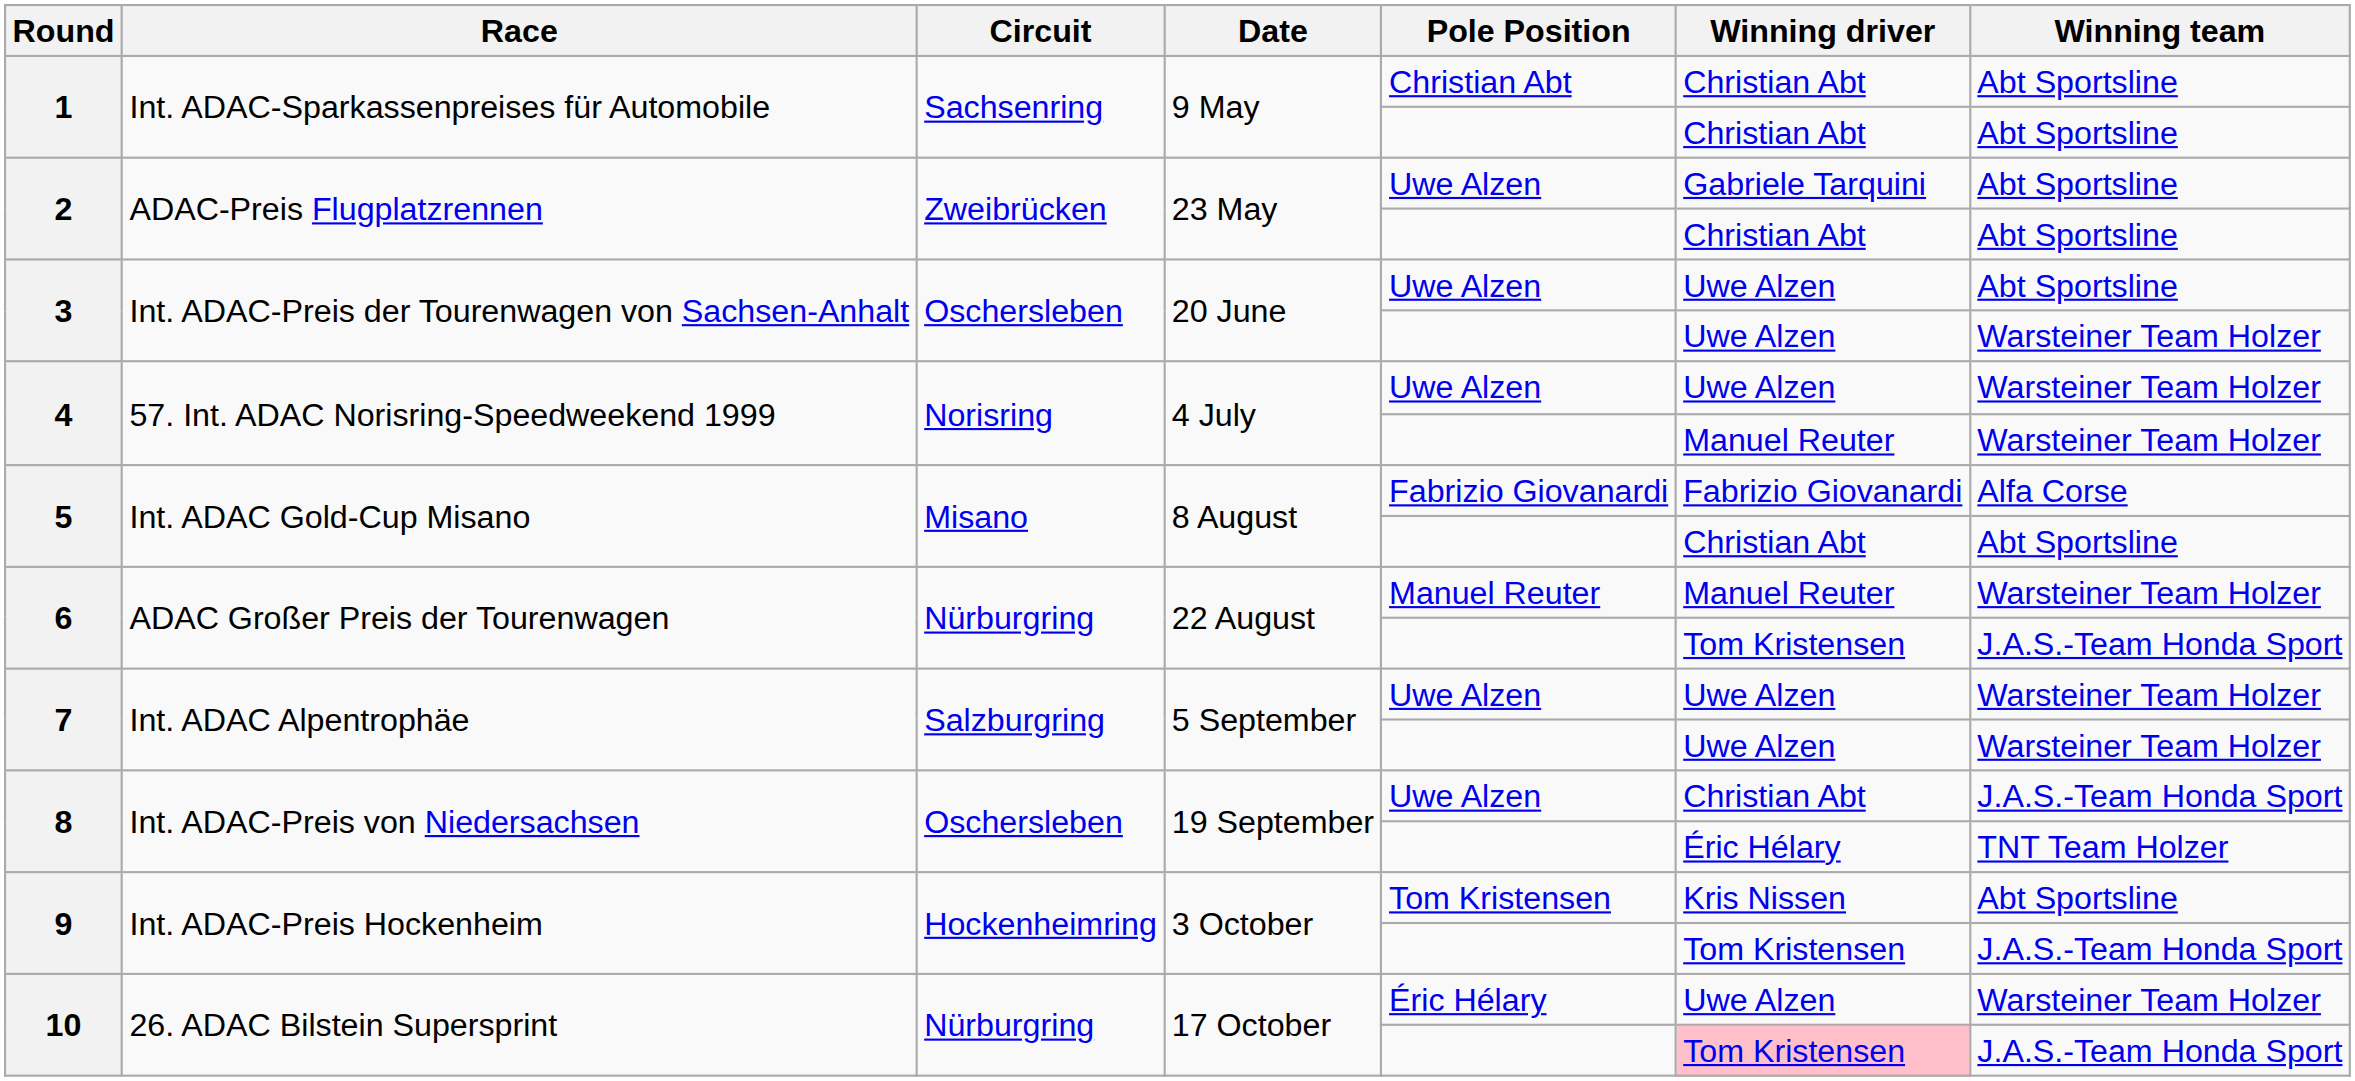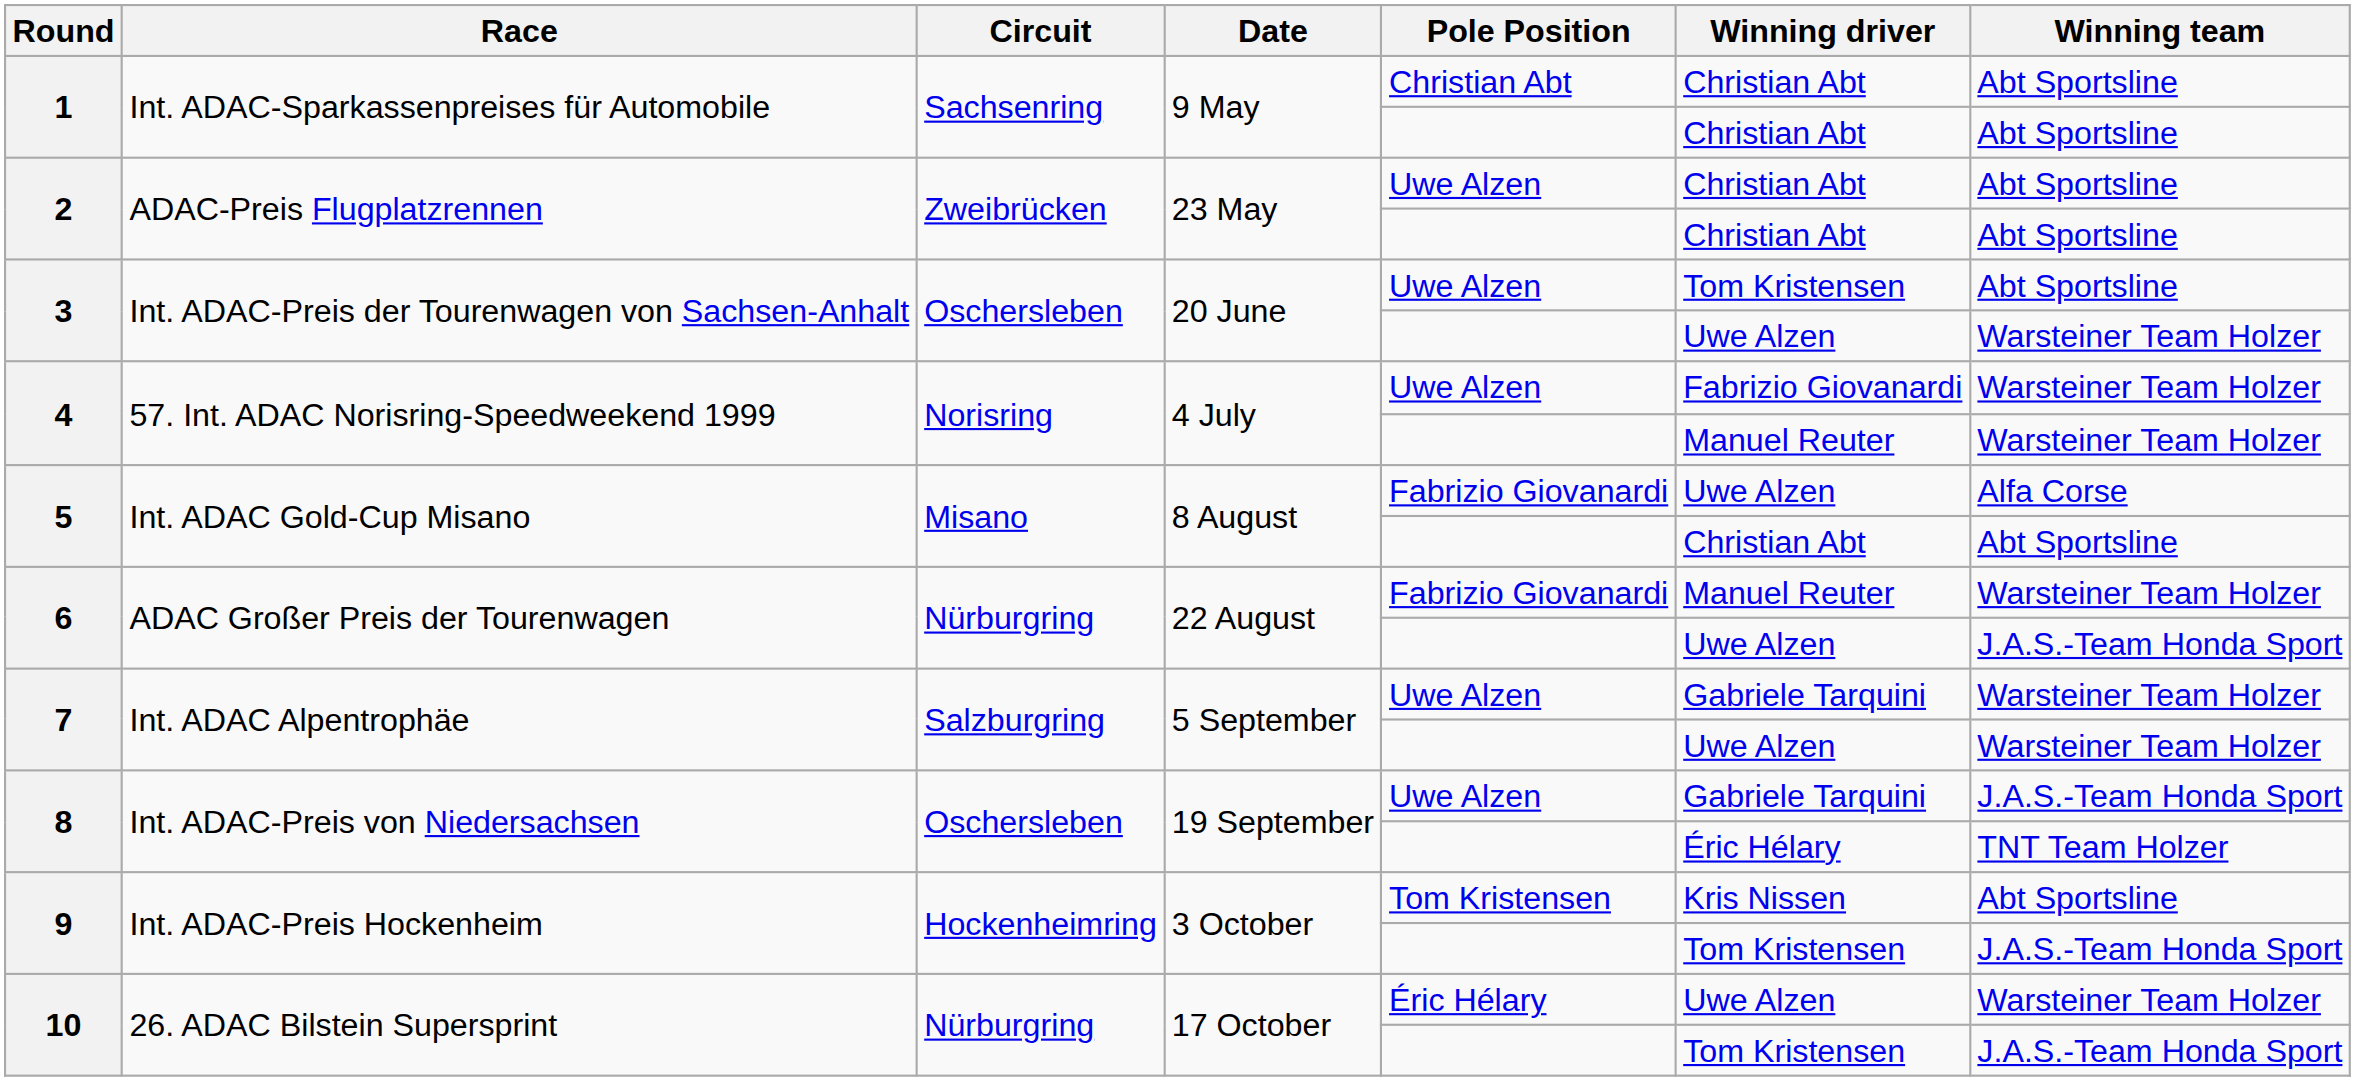 <table class="wikitable" style="font-size: 95%">
 <tr>
 <th>Round</th>
 <th>Race</th>
 <th>Circuit</th>
 <th>Date</th>
 <th>Pole Position</th>
 <th>Winning driver</th>
 <th>Winning team</th>
 </tr>
 <tr>
 <th rowspan="2">1</th>
 <td rowspan="2"> Int. ADAC-Sparkassenpreises für Automobile</td>
 <td rowspan="2"><a href='#'>Sachsenring</a></td>
 <td rowspan="2">9 May</td>
 <td> <a href='#'>Christian Abt</a></td>
 <td> <a href='#'>Christian Abt</a></td>
 <td> <a href='#'>Abt Sportsline</a></td>
 </tr>
 <tr>
 <td></td>
 <td> <a href='#'>Christian Abt</a></td>
 <td> <a href='#'>Abt Sportsline</a></td>
 </tr>
 <tr>
 <th rowspan="2">2</th>
 <td rowspan="2"> ADAC-Preis <a href='#'>Flugplatzrennen</a></td>
 <td rowspan="2"><a href='#'>Zweibrücken</a></td>
 <td rowspan="2">23 May</td>
 <td> <a href='#'>Uwe Alzen</a></td>
-<td> <a href='#'>Gabriele Tarquini</a></td>
+<td> <a href='#'>Christian Abt</a></td>
 <td> <a href='#'>Abt Sportsline</a></td>
 </tr>
 <tr>
 <td></td>
 <td> <a href='#'>Christian Abt</a></td>
 <td> <a href='#'>Abt Sportsline</a></td>
 </tr>
 <tr>
 <th rowspan="2">3</th>
 <td rowspan="2"> Int. ADAC-Preis der Tourenwagen von <a href='#'>Sachsen-Anhalt</a></td>
 <td rowspan="2"><a href='#'>Oschersleben</a></td>
 <td rowspan="2">20 June</td>
 <td> <a href='#'>Uwe Alzen</a></td>
-<td> <a href='#'>Uwe Alzen</a></td>
+<td> <a href='#'>Tom Kristensen</a></td>
 <td> <a href='#'>Abt Sportsline</a></td>
 </tr>
 <tr>
 <td></td>
 <td> <a href='#'>Uwe Alzen</a></td>
 <td> <a href='#'>Warsteiner Team Holzer</a></td>
 </tr>
 <tr>
 <th rowspan="2">4</th>
 <td rowspan="2"> 57. Int. ADAC Norisring-Speedweekend 1999</td>
 <td rowspan="2"><a href='#'>Norisring</a></td>
 <td rowspan="2">4 July</td>
 <td> <a href='#'>Uwe Alzen</a></td>
-<td> <a href='#'>Uwe Alzen</a></td>
+<td> <a href='#'>Fabrizio Giovanardi</a></td>
 <td> <a href='#'>Warsteiner Team Holzer</a></td>
 </tr>
 <tr>
 <td></td>
 <td> <a href='#'>Manuel Reuter</a></td>
 <td> <a href='#'>Warsteiner Team Holzer</a></td>
 </tr>
 <tr>
 <th rowspan="2">5</th>
 <td rowspan="2"> Int. ADAC Gold-Cup Misano</td>
 <td rowspan="2"><a href='#'>Misano</a></td>
 <td rowspan="2">8 August</td>
 <td> <a href='#'>Fabrizio Giovanardi</a></td>
-<td> <a href='#'>Fabrizio Giovanardi</a></td>
+<td> <a href='#'>Uwe Alzen</a></td>
 <td> <a href='#'>Alfa Corse</a></td>
 </tr>
 <tr>
 <td></td>
 <td> <a href='#'>Christian Abt</a></td>
 <td> <a href='#'>Abt Sportsline</a></td>
 </tr>
 <tr>
 <th rowspan="2">6</th>
 <td rowspan="2"> ADAC Großer Preis der Tourenwagen</td>
 <td rowspan="2"><a href='#'>Nürburgring</a></td>
 <td rowspan="2">22 August</td>
-<td> <a href='#'>Manuel Reuter</a></td>
+<td> <a href='#'>Fabrizio Giovanardi</a></td>
 <td> <a href='#'>Manuel Reuter</a></td>
 <td> <a href='#'>Warsteiner Team Holzer</a></td>
 </tr>
 <tr>
 <td></td>
-<td> <a href='#'>Tom Kristensen</a></td>
+<td> <a href='#'>Uwe Alzen</a></td>
 <td> <a href='#'>J.A.S.-Team Honda Sport</a></td>
 </tr>
 <tr>
 <th rowspan="2">7</th>
 <td rowspan="2"> Int. ADAC Alpentrophäe</td>
 <td rowspan="2"><a href='#'>Salzburgring</a></td>
 <td rowspan="2">5 September</td>
 <td> <a href='#'>Uwe Alzen</a></td>
-<td> <a href='#'>Uwe Alzen</a></td>
+<td> <a href='#'>Gabriele Tarquini</a></td>
 <td> <a href='#'>Warsteiner Team Holzer</a></td>
 </tr>
 <tr>
 <td></td>
 <td> <a href='#'>Uwe Alzen</a></td>
 <td> <a href='#'>Warsteiner Team Holzer</a></td>
 </tr>
 <tr>
 <th rowspan="2">8</th>
 <td rowspan="2"> Int. ADAC-Preis von <a href='#'>Niedersachsen</a></td>
 <td rowspan="2"><a href='#'>Oschersleben</a></td>
 <td rowspan="2">19 September</td>
 <td> <a href='#'>Uwe Alzen</a></td>
-<td> <a href='#'>Christian Abt</a></td>
+<td> <a href='#'>Gabriele Tarquini</a></td>
 <td> <a href='#'>J.A.S.-Team Honda Sport</a></td>
 </tr>
 <tr>
 <td></td>
 <td> <a href='#'>Éric Hélary</a></td>
 <td> <a href='#'>TNT Team Holzer</a></td>
 </tr>
 <tr>
 <th rowspan="2">9</th>
 <td rowspan="2"> Int. ADAC-Preis Hockenheim</td>
 <td rowspan="2"><a href='#'>Hockenheimring</a></td>
 <td rowspan="2">3 October</td>
 <td> <a href='#'>Tom Kristensen</a></td>
 <td> <a href='#'>Kris Nissen</a></td>
 <td> <a href='#'>Abt Sportsline</a></td>
 </tr>
 <tr>
 <td></td>
 <td> <a href='#'>Tom Kristensen</a></td>
 <td> <a href='#'>J.A.S.-Team Honda Sport</a></td>
 </tr>
 <tr>
 <th rowspan="2">10</th>
 <td rowspan="2"> 26. ADAC Bilstein Supersprint</td>
 <td rowspan="2"><a href='#'>Nürburgring</a></td>
 <td rowspan="2">17 October</td>
 <td> <a href='#'>Éric Hélary</a></td>
 <td> <a href='#'>Uwe Alzen</a></td>
 <td> <a href='#'>Warsteiner Team Holzer</a></td>
 </tr>
 <tr>
 <td></td>
-<td style="background: pink;"> <a href='#'>Tom Kristensen</a></td>
+<td> <a href='#'>Tom Kristensen</a></td>
 <td> <a href='#'>J.A.S.-Team Honda Sport</a></td>
 </tr>
 </table>
